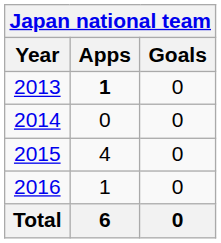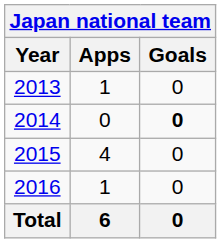 <table class="wikitable" style="text-align:center">
 <tr>
 <th colspan=3><a href='#'>Japan national team</a></th>
 </tr>
 <tr>
 <th>Year</th>
 <th>Apps</th>
 <th>Goals</th>
 </tr>
 <tr>
 <td><a href='#'>2013</a></td>
-<td><strong>1</strong></td>
+<td>1</td>
 <td>0</td>
 </tr>
 <tr>
 <td><a href='#'>2014</a></td>
 <td>0</td>
-<td>0</td>
+<td><strong>0</strong></td>
 </tr>
 <tr>
 <td><a href='#'>2015</a></td>
 <td>4</td>
 <td>0</td>
 </tr>
 <tr>
 <td><a href='#'>2016</a></td>
 <td>1</td>
 <td>0</td>
 </tr>
 <tr>
 <th>Total</th>
 <th>6</th>
 <th>0</th>
 </tr>
 </table>
